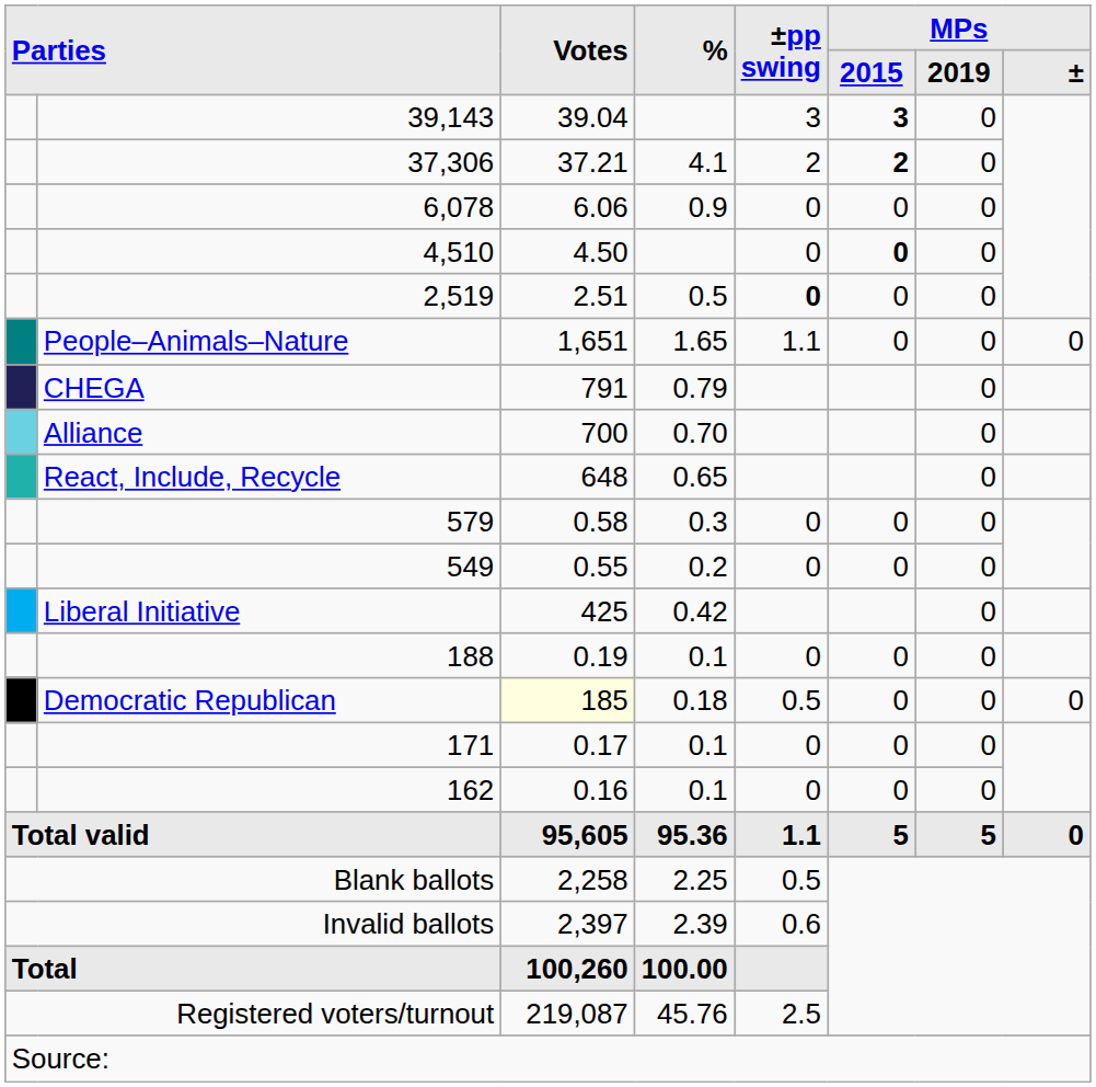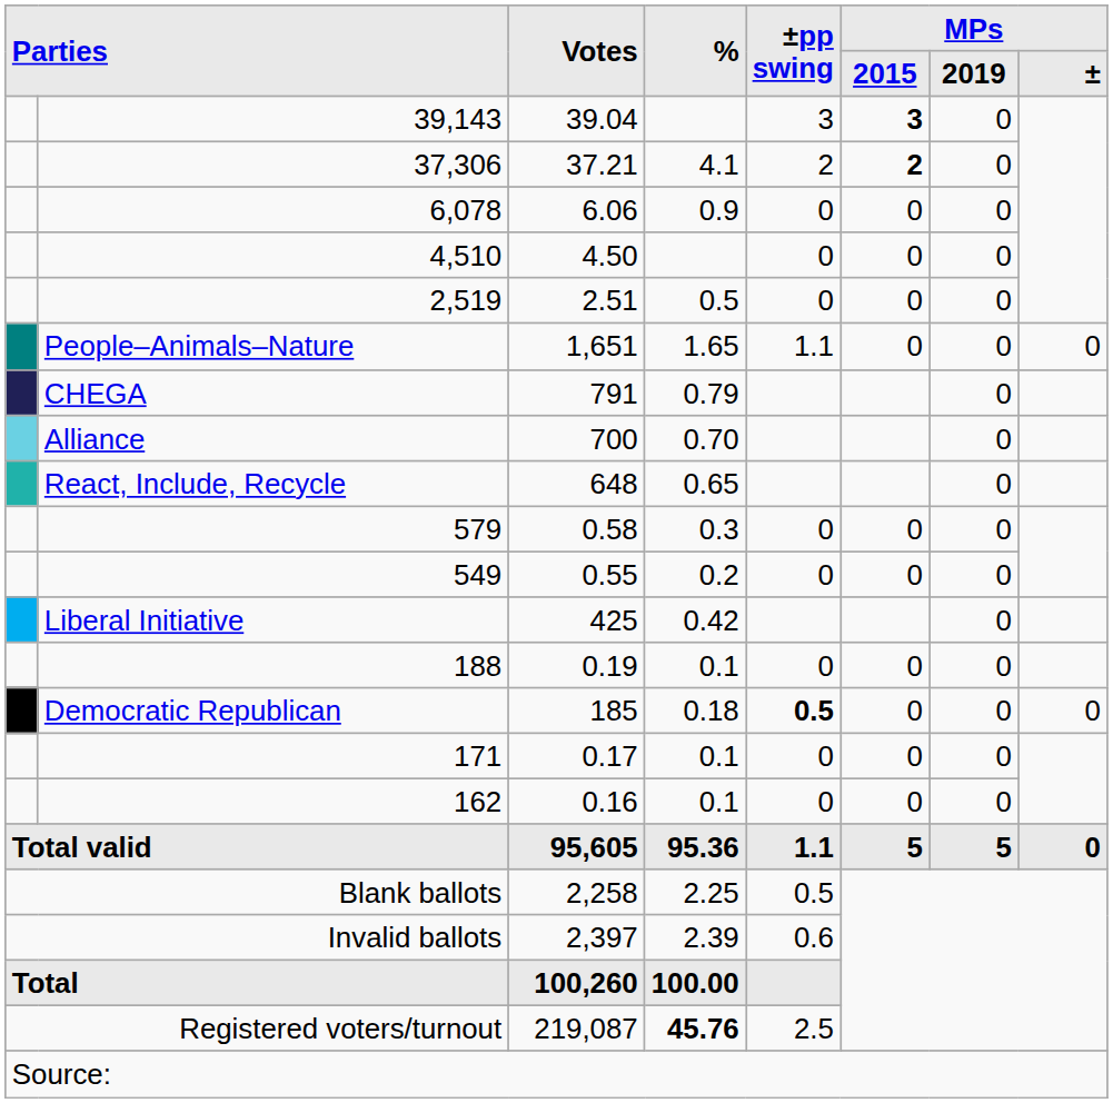 <table class="wikitable" style="text-align:right; font-size:95%;">
 <tr>
 <th rowspan="2" colspan="2" style="background:#e9e9e9; text-align:left;" alignleft><a href='#'>Parties</a></th>
 <th rowspan="2" style="background:#e9e9e9; text-align:right;">Votes</th>
 <th rowspan="2" style="background:#e9e9e9; text-align:right;">%</th>
 <th rowspan="2" style="background:#e9e9e9; text-align:right;">±<a href='#'>pp</a> <a href='#'>swing</a></th>
 <th colspan="3" style="background:#e9e9e9; text-align:center;"><a href='#'>MPs</a></th>
 </tr>
 <tr style="background-color:#E9E9E9">
 <th style="background-color:#E9E9E9;text-align:center;"><a href='#'>2015</a></th>
 <th style="background-color:#E9E9E9;text-align:center;">2019</th>
 <th style="background:#e9e9e9; text-align:right;">±</th>
 </tr>
 <tr>
 <td></td>
 <td>39,143</td>
 <td>39.04</td>
 <td></td>
 <td>3</td>
 <td><strong>3</strong></td>
 <td>0</td>
 </tr>
 <tr>
 <td></td>
 <td>37,306</td>
 <td>37.21</td>
 <td>4.1</td>
 <td>2</td>
 <td><strong>2</strong></td>
 <td>0</td>
 </tr>
 <tr>
 <td></td>
 <td>6,078</td>
 <td>6.06</td>
 <td>0.9</td>
 <td>0</td>
 <td>0</td>
 <td>0</td>
 </tr>
 <tr>
 <td></td>
 <td>4,510</td>
 <td>4.50</td>
 <td></td>
 <td>0</td>
-<td><strong>0</strong></td>
+<td>0</td>
 <td>0</td>
 </tr>
 <tr>
 <td></td>
 <td>2,519</td>
 <td>2.51</td>
 <td>0.5</td>
-<td><strong>0</strong></td>
+<td>0</td>
 <td>0</td>
 <td>0</td>
 </tr>
 <tr>
 <td style="width: 10px" bgcolor="teal" align="center"></td>
 <td align="left"><a href='#'>People–Animals–Nature</a></td>
 <td>1,651</td>
 <td>1.65</td>
 <td>1.1</td>
 <td>0</td>
 <td>0</td>
 <td>0</td>
 </tr>
 <tr>
 <td style="width: 10px" bgcolor="#202056" align="center"></td>
 <td align="left"><a href='#'>CHEGA</a></td>
 <td>791</td>
 <td>0.79</td>
 <td></td>
 <td></td>
 <td>0</td>
 <td></td>
 </tr>
 <tr>
 <td style="width: 10px" bgcolor="#6AD1E3" align="center"></td>
 <td align="left"><a href='#'>Alliance</a></td>
 <td>700</td>
 <td>0.70</td>
 <td></td>
 <td></td>
 <td>0</td>
 <td></td>
 </tr>
 <tr>
 <td style="width: 10px" bgcolor=LightSeaGreen align="center"></td>
 <td align=left><a href='#'>React, Include, Recycle</a></td>
 <td>648</td>
 <td>0.65</td>
 <td></td>
 <td></td>
 <td>0</td>
 <td></td>
 </tr>
 <tr>
 <td></td>
 <td>579</td>
 <td>0.58</td>
 <td>0.3</td>
 <td>0</td>
 <td>0</td>
 <td>0</td>
 </tr>
 <tr>
 <td></td>
 <td>549</td>
 <td>0.55</td>
 <td>0.2</td>
 <td>0</td>
 <td>0</td>
 <td>0</td>
 </tr>
 <tr>
 <td style="width: 10px" bgcolor="#00ADEF" align="center"></td>
 <td align="left"><a href='#'>Liberal Initiative</a></td>
 <td>425</td>
 <td>0.42</td>
 <td></td>
 <td></td>
 <td>0</td>
 <td></td>
 </tr>
 <tr>
 <td></td>
 <td>188</td>
 <td>0.19</td>
 <td>0.1</td>
 <td>0</td>
 <td>0</td>
 <td>0</td>
 </tr>
 <tr>
 <td style="width: 10px" bgcolor=black align="center"></td>
 <td align=left><a href='#'>Democratic Republican</a></td>
-<td style="background: lightyellow;">185</td>
+<td>185</td>
 <td>0.18</td>
-<td>0.5</td>
+<td><strong>0.5</strong></td>
 <td>0</td>
 <td>0</td>
 <td>0</td>
 </tr>
 <tr>
 <td></td>
 <td>171</td>
 <td>0.17</td>
 <td>0.1</td>
 <td>0</td>
 <td>0</td>
 <td>0</td>
 </tr>
 <tr>
 <td></td>
 <td>162</td>
 <td>0.16</td>
 <td>0.1</td>
 <td>0</td>
 <td>0</td>
 <td>0</td>
 </tr>
 <tr>
 <td colspan=2 align=left style="background-color:#E9E9E9"><strong>Total valid</strong></td>
 <td width="65" align="right" style="background-color:#E9E9E9"><strong>95,605</strong></td>
 <td width="40" align="right" style="background-color:#E9E9E9"><strong>95.36</strong></td>
 <td width="40" align="right" style="background-color:#E9E9E9"><strong>1.1</strong></td>
 <td width="40" align="right" style="background-color:#E9E9E9"><strong>5</strong></td>
 <td width="40" align="right" style="background-color:#E9E9E9"><strong>5</strong></td>
 <td width="40" align="right" style="background-color:#E9E9E9"><strong>0</strong></td>
 </tr>
 <tr>
 <td colspan=2>Blank ballots</td>
 <td>2,258</td>
 <td>2.25</td>
 <td>0.5</td>
 <td colspan=4 rowspan=4></td>
 </tr>
 <tr>
 <td colspan=2>Invalid ballots</td>
 <td>2,397</td>
 <td>2.39</td>
 <td>0.6</td>
 </tr>
 <tr>
 <td colspan=2 width="259" align=left style="background-color:#E9E9E9"><strong>Total</strong></td>
 <td width="50" align="right" style="background-color:#E9E9E9"><strong>100,260</strong></td>
 <td width="40" align="right" style="background-color:#E9E9E9"><strong>100.00</strong></td>
 <td width="40" align="right" style="background-color:#E9E9E9"></td>
 </tr>
 <tr>
 <td colspan=2>Registered voters/turnout</td>
 <td>219,087</td>
-<td>45.76</td>
+<td><strong>45.76</strong></td>
 <td>2.5</td>
 </tr>
 <tr>
 <td colspan=11 align=left>Source: </td>
 </tr>
 </table>
